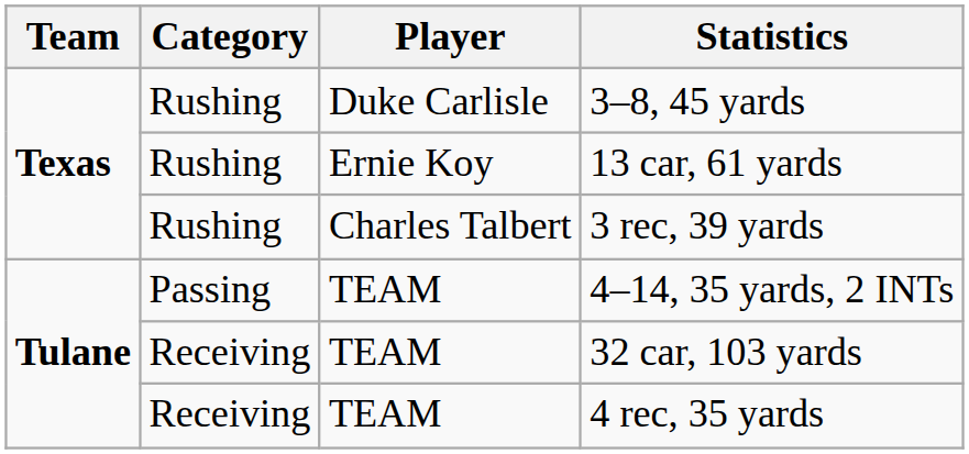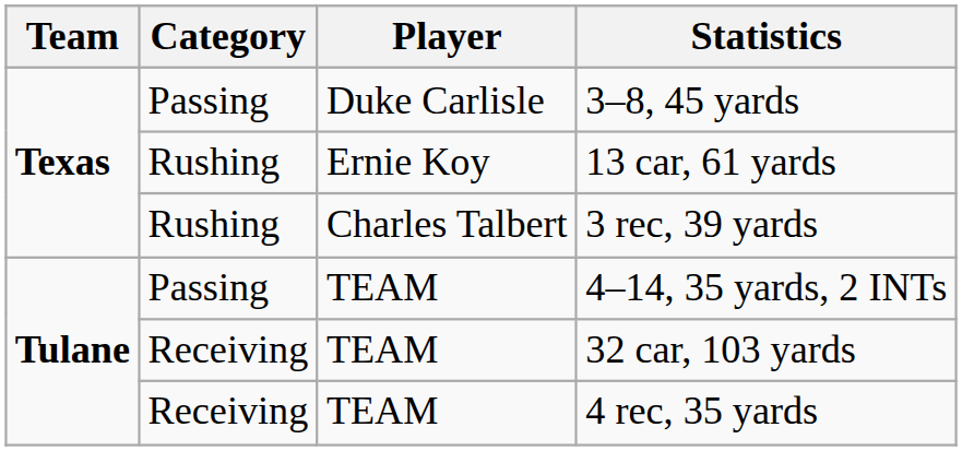 <table class="wikitable" style="float: right;">
 <tr>
 <th>Team</th>
 <th>Category</th>
 <th>Player</th>
 <th>Statistics</th>
 </tr>
 <tr>
 <td rowspan=3><strong>Texas</strong></td>
-<td>Rushing</td>
+<td>Passing</td>
 <td>Duke Carlisle</td>
 <td>3–8, 45 yards</td>
 </tr>
 <tr>
 <td>Rushing</td>
 <td>Ernie Koy</td>
 <td>13 car, 61 yards</td>
 </tr>
 <tr>
 <td>Rushing</td>
 <td>Charles Talbert</td>
 <td>3 rec, 39 yards</td>
 </tr>
 <tr>
 <td rowspan=3><strong>Tulane</strong></td>
 <td>Passing</td>
 <td>TEAM</td>
 <td>4–14, 35 yards, 2 INTs</td>
 </tr>
 <tr>
 <td>Receiving</td>
 <td>TEAM</td>
 <td>32 car, 103 yards</td>
 </tr>
 <tr>
 <td>Receiving</td>
 <td>TEAM</td>
 <td>4 rec, 35 yards</td>
 </tr>
 </table>
